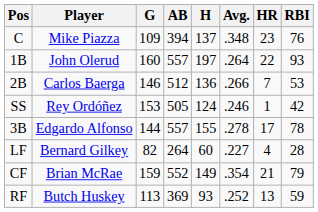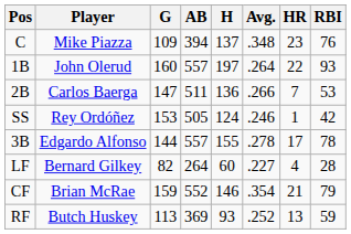 <table class="wikitable sortable">
 <tr>
 <th>Pos</th>
 <th>Player</th>
 <th>G</th>
 <th>AB</th>
 <th>H</th>
 <th>Avg.</th>
 <th>HR</th>
 <th>RBI</th>
 </tr>
 <tr align="center">
 <td>C</td>
 <td><a href='#'>Mike Piazza</a></td>
 <td>109</td>
 <td>394</td>
 <td>137</td>
 <td>.348</td>
 <td>23</td>
 <td>76</td>
 </tr>
 <tr align=center>
 <td>1B</td>
 <td><a href='#'>John Olerud</a></td>
 <td>160</td>
 <td>557</td>
 <td>197</td>
 <td>.264</td>
 <td>22</td>
 <td>93</td>
 </tr>
 <tr align=center>
 <td>2B</td>
 <td><a href='#'>Carlos Baerga</a></td>
-<td>146</td>
-<td>512</td>
+<td>147</td>
+<td>511</td>
 <td>136</td>
 <td>.266</td>
 <td>7</td>
 <td>53</td>
 </tr>
 <tr align=center>
 <td>SS</td>
 <td><a href='#'>Rey Ordóñez</a></td>
 <td>153</td>
 <td>505</td>
 <td>124</td>
 <td>.246</td>
 <td>1</td>
 <td>42</td>
 </tr>
 <tr align=center>
 <td>3B</td>
 <td><a href='#'>Edgardo Alfonso</a></td>
 <td>144</td>
 <td>557</td>
 <td>155</td>
 <td>.278</td>
 <td>17</td>
 <td>78</td>
 </tr>
 <tr align=center>
 <td>LF</td>
 <td><a href='#'>Bernard Gilkey</a></td>
 <td>82</td>
 <td>264</td>
 <td>60</td>
 <td>.227</td>
 <td>4</td>
 <td>28</td>
 </tr>
 <tr align=center>
 <td>CF</td>
 <td><a href='#'>Brian McRae</a></td>
 <td>159</td>
 <td>552</td>
-<td>149</td>
+<td>146</td>
 <td>.354</td>
 <td>21</td>
 <td>79</td>
 </tr>
 <tr align=center>
 <td>RF</td>
 <td><a href='#'>Butch Huskey</a></td>
 <td>113</td>
 <td>369</td>
 <td>93</td>
 <td>.252</td>
 <td>13</td>
 <td>59</td>
 </tr>
 </table>
